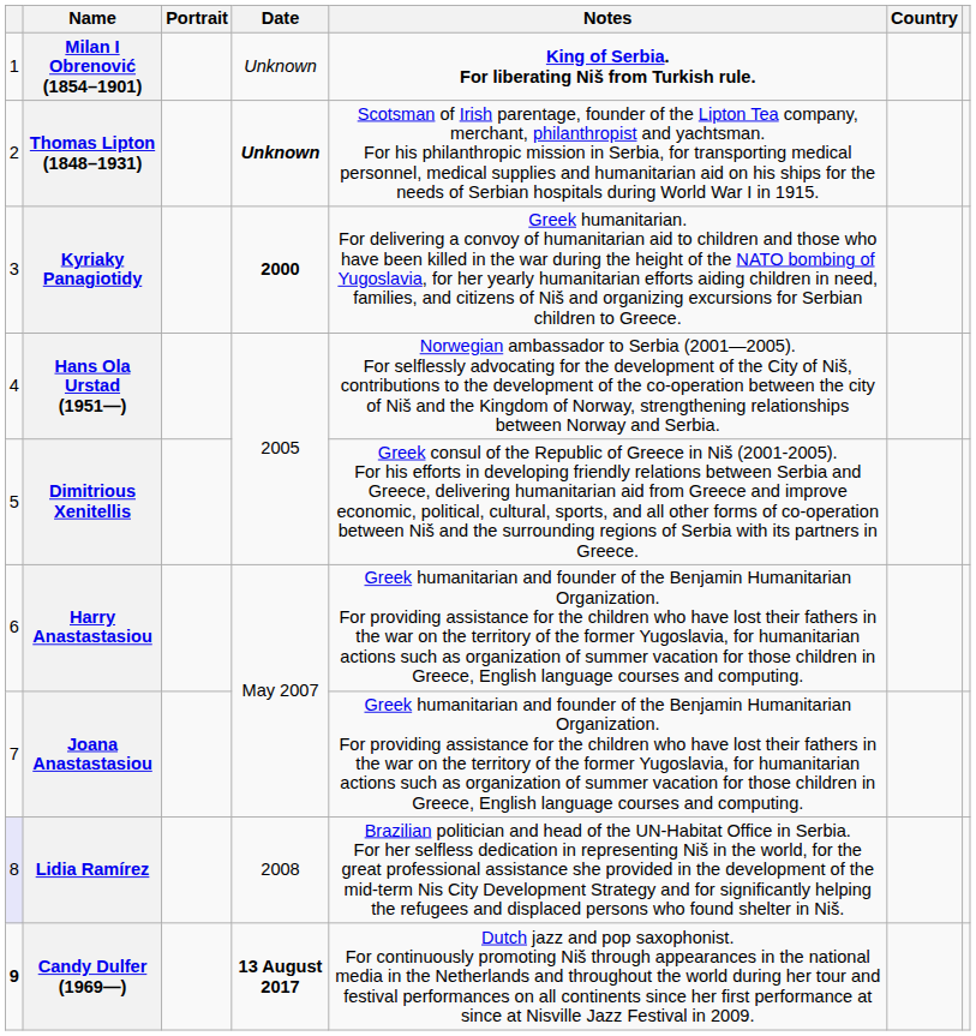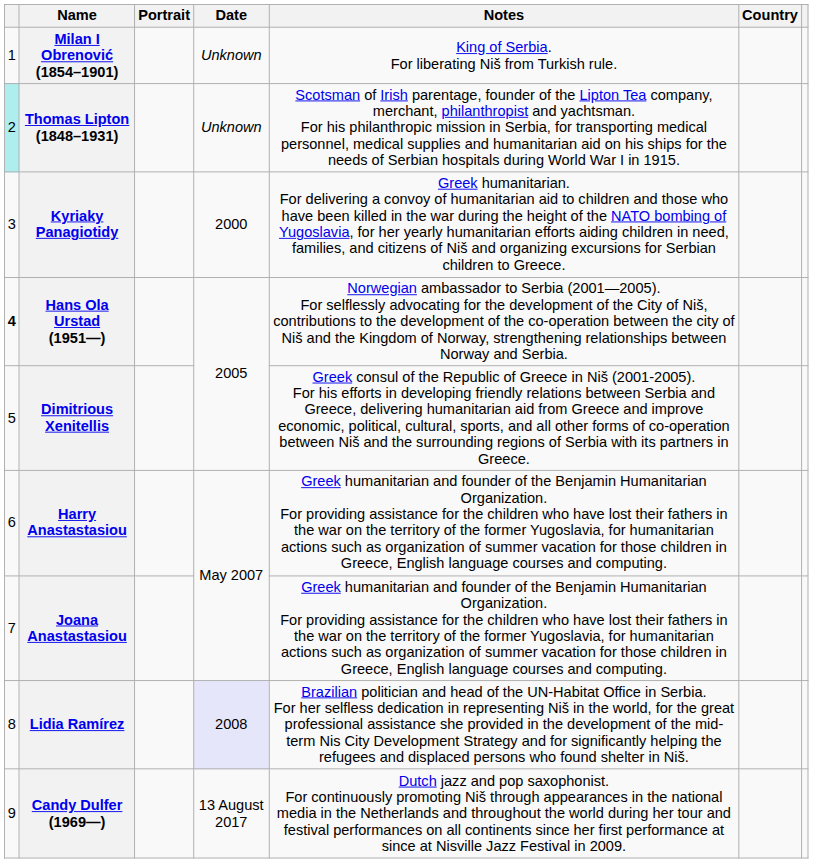 <table class="wikitable plainrowheaders sortable" style="width: 100%; text-align:center">
 <tr>
 <th scope="col"></th>
 <th scope="col">Name</th>
 <th scope="col" class="unsortable">Portrait</th>
 <th scope="col">Date</th>
 <th scope="col" class="unsortable">Notes</th>
 <th scope="col">Country</th>
 <th scope="col" class="unsortable"></th>
 </tr>
 <tr>
 <td>1</td>
 <th scope="row" style="text-align:center"><a href='#'>Milan I Obrenović</a><br>(1854–1901)</th>
 <td></td>
 <td><em>Unknown</em></td>
-<td><strong><a href='#'>King of Serbia</a>.<br>For liberating Niš from Turkish rule.</strong></td>
+<td><a href='#'>King of Serbia</a>.<br>For liberating Niš from Turkish rule.</td>
 <td></td>
 <td></td>
 </tr>
 <tr>
-<td>2</td>
+<td style="background: paleturquoise;">2</td>
 <th scope="row" style="text-align:center"><a href='#'>Thomas Lipton</a><br>(1848–1931)</th>
 <td></td>
-<td><strong><em>Unknown</em></strong></td>
+<td><em>Unknown</em></td>
 <td><a href='#'>Scotsman</a> of <a href='#'>Irish</a> parentage, founder of the <a href='#'>Lipton Tea</a> company, merchant, <a href='#'>philanthropist</a> and yachtsman.<br>For his philanthropic mission in Serbia, for transporting medical personnel, medical supplies and humanitarian aid on his ships for the needs of Serbian hospitals during World War I in 1915.</td>
 <td></td>
 <td></td>
 </tr>
 <tr>
 <td>3</td>
 <th scope="row" style="text-align:center"><a href='#'>Kyriaky Panagiotidy</a></th>
 <td></td>
-<td><strong>2000</strong></td>
+<td>2000</td>
 <td><a href='#'>Greek</a> humanitarian.<br>For delivering a convoy of humanitarian aid to children and those who have been killed in the war during the height of the <a href='#'>NATO bombing of Yugoslavia</a>, for her yearly humanitarian efforts aiding children in need, families, and citizens of Niš and organizing excursions for Serbian children to Greece.</td>
 <td></td>
 <td></td>
 </tr>
 <tr>
-<td>4</td>
+<td><strong>4</strong></td>
 <th scope="row" style="text-align:center"><a href='#'>Hans Ola Urstad</a><br>(1951—)</th>
 <td></td>
 <td rowspan=2>2005</td>
 <td><a href='#'>Norwegian</a> ambassador to Serbia (2001—2005).<br>For selflessly advocating for the development of the City of Niš, contributions to the development of the co-operation between the city of Niš and the Kingdom of Norway, strengthening relationships between Norway and Serbia.</td>
 <td></td>
 <td></td>
 </tr>
 <tr>
 <td>5</td>
 <th scope="row" style="text-align:center"><a href='#'>Dimitrious Xenitellis</a></th>
 <td></td>
 <td><a href='#'>Greek</a> consul of the Republic of Greece in Niš (2001-2005).<br>For his efforts in  developing friendly relations between Serbia and Greece, delivering humanitarian aid from Greece and improve economic, political, cultural, sports, and all other forms of co-operation between Niš and the surrounding regions of Serbia with its partners in Greece.</td>
 <td></td>
 <td></td>
 </tr>
 <tr>
 <td>6</td>
 <th scope="row" style="text-align:center"><a href='#'>Harry Anastastasiou</a></th>
 <td></td>
 <td rowspan=2>May 2007</td>
 <td><a href='#'>Greek</a> humanitarian and founder of the Benjamin Humanitarian Organization.<br>For  providing assistance for the children who have lost their fathers in the war on the territory of the former Yugoslavia, for humanitarian actions such as organization of summer vacation for those children in Greece, English language courses and computing.</td>
 <td></td>
 <td></td>
 </tr>
 <tr>
 <td>7</td>
 <th scope="row" style="text-align:center"><a href='#'>Joana Anastastasiou</a></th>
 <td></td>
 <td><a href='#'>Greek</a> humanitarian and founder of the Benjamin Humanitarian Organization.<br>For  providing assistance for the children who have lost their fathers in the war on the territory of the former Yugoslavia, for humanitarian actions such as organization of summer vacation for those children in Greece, English language courses and computing.</td>
 <td></td>
 <td></td>
 </tr>
 <tr>
-<td style="background: lavender;">8</td>
+<td>8</td>
 <th scope="row" style="text-align:center"><a href='#'>Lidia Ramírez</a></th>
 <td></td>
-<td>2008</td>
+<td style="background: lavender;">2008</td>
 <td><a href='#'>Brazilian</a> politician and head of the UN-Habitat Office in Serbia.<br>For her selfless dedication in representing Niš in the world, for the great professional assistance she provided in the development of the mid-term Nis City Development Strategy and for significantly helping the refugees and displaced persons who found shelter in Niš.</td>
 <td></td>
 <td></td>
 </tr>
 <tr>
-<td><strong>9</strong></td>
+<td>9</td>
 <th scope="row" style="text-align:center"><a href='#'>Candy Dulfer</a><br>(1969—)</th>
 <td></td>
-<td><strong>13 August 2017</strong></td>
+<td>13 August 2017</td>
 <td><a href='#'>Dutch</a> jazz and pop saxophonist.<br>For continuously promoting Niš through appearances in the national media in the Netherlands and throughout the world during her tour and festival performances on all continents since her first performance at since at Nisville Jazz Festival in 2009.</td>
 <td></td>
 <td></td>
 </tr>
 </table>
